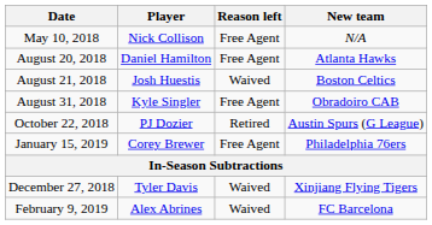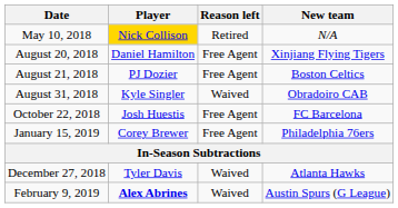 <table class="wikitable sortable sortable" style="text-align: center">
 <tr>
 <th>Date</th>
 <th>Player</th>
 <th>Reason left</th>
 <th>New team</th>
 </tr>
 <tr style="text-align: center">
 <td>May 10, 2018</td>
-<td><a href='#'>Nick Collison</a></td>
-<td>Free Agent</td>
+<td style="background: gold;"><a href='#'>Nick Collison</a></td>
+<td>Retired</td>
 <td><em>N/A</em></td>
 </tr>
 <tr style="text-align: center">
 <td>August 20, 2018</td>
 <td><a href='#'>Daniel Hamilton</a></td>
 <td>Free Agent</td>
-<td><a href='#'>Atlanta Hawks</a></td>
+<td> <a href='#'>Xinjiang Flying Tigers</a></td>
 </tr>
 <tr style="text-align: center">
 <td>August 21, 2018</td>
-<td><a href='#'>Josh Huestis</a></td>
-<td>Waived</td>
+<td><a href='#'>PJ Dozier</a></td>
+<td>Free Agent</td>
 <td><a href='#'>Boston Celtics</a></td>
 </tr>
 <tr style="text-align: center">
 <td>August 31, 2018</td>
 <td><a href='#'>Kyle Singler</a></td>
-<td>Free Agent</td>
+<td>Waived</td>
 <td> <a href='#'>Obradoiro CAB</a></td>
 </tr>
 <tr style="text-align: center">
 <td>October 22, 2018</td>
-<td><a href='#'>PJ Dozier</a></td>
-<td>Retired</td>
-<td><a href='#'>Austin Spurs</a> (<a href='#'>G League</a>)</td>
+<td><a href='#'>Josh Huestis</a></td>
+<td>Free Agent</td>
+<td> <a href='#'>FC Barcelona</a></td>
 </tr>
 <tr style="text-align: center">
 <td>January 15, 2019</td>
 <td><a href='#'>Corey Brewer</a></td>
 <td>Free Agent</td>
 <td><a href='#'>Philadelphia 76ers</a></td>
 </tr>
 <tr>
 <th scope="row" colspan="6" style="text-align:center;”">In-Season Subtractions</th>
 </tr>
 <tr style="text-align: center">
 <td>December 27, 2018</td>
 <td><a href='#'>Tyler Davis</a></td>
 <td>Waived</td>
-<td> <a href='#'>Xinjiang Flying Tigers</a></td>
+<td><a href='#'>Atlanta Hawks</a></td>
 </tr>
 <tr style="text-align: center">
 <td>February 9, 2019</td>
-<td><a href='#'>Alex Abrines</a></td>
+<td><strong><a href='#'>Alex Abrines</a></strong></td>
 <td>Waived</td>
-<td> <a href='#'>FC Barcelona</a></td>
+<td><a href='#'>Austin Spurs</a> (<a href='#'>G League</a>)</td>
 </tr>
 </table>
